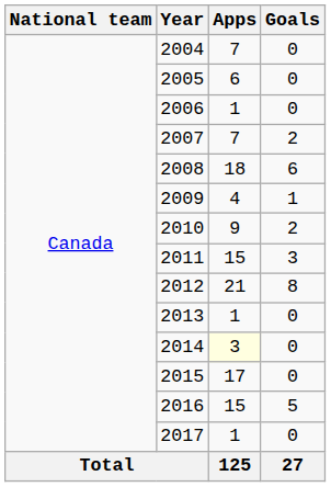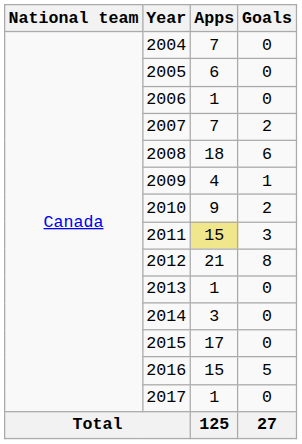 <table class="wikitable" style="text-align:center">
 <tr>
 <th>National team</th>
 <th>Year</th>
 <th>Apps</th>
 <th>Goals</th>
 </tr>
 <tr>
 <td rowspan="14"><a href='#'>Canada</a></td>
 <td>2004</td>
 <td>7</td>
 <td>0</td>
 </tr>
 <tr>
 <td>2005</td>
 <td>6</td>
 <td>0</td>
 </tr>
 <tr>
 <td>2006</td>
 <td>1</td>
 <td>0</td>
 </tr>
 <tr>
 <td>2007</td>
 <td>7</td>
 <td>2</td>
 </tr>
 <tr>
 <td>2008</td>
 <td>18</td>
 <td>6</td>
 </tr>
 <tr>
 <td>2009</td>
 <td>4</td>
 <td>1</td>
 </tr>
 <tr>
 <td>2010</td>
 <td>9</td>
 <td>2</td>
 </tr>
 <tr>
 <td>2011</td>
-<td>15</td>
+<td style="background: khaki;">15</td>
 <td>3</td>
 </tr>
 <tr>
 <td>2012</td>
 <td>21</td>
 <td>8</td>
 </tr>
 <tr>
 <td>2013</td>
 <td>1</td>
 <td>0</td>
 </tr>
 <tr>
 <td>2014</td>
-<td style="background: lightyellow;">3</td>
+<td>3</td>
 <td>0</td>
 </tr>
 <tr>
 <td>2015</td>
 <td>17</td>
 <td>0</td>
 </tr>
 <tr>
 <td>2016</td>
 <td>15</td>
 <td>5</td>
 </tr>
 <tr>
 <td>2017</td>
 <td>1</td>
 <td>0</td>
 </tr>
 <tr>
 <th colspan="2">Total</th>
 <th>125</th>
 <th>27</th>
 </tr>
 </table>
